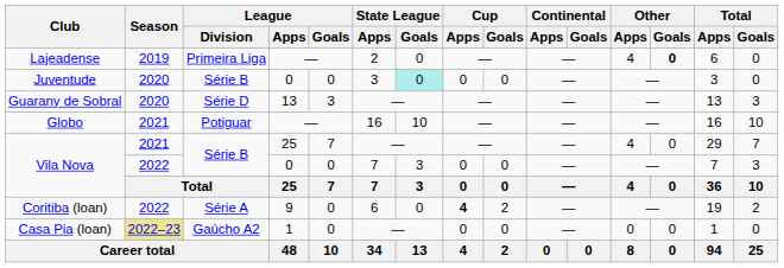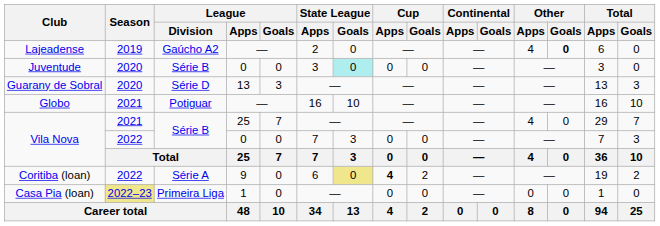 <table class="wikitable" style="text-align: center;">
 <tr>
 <th rowspan="2">Club</th>
 <th rowspan="2">Season</th>
 <th colspan="3">League</th>
 <th colspan="2">State League</th>
 <th colspan="2">Cup</th>
 <th colspan="2">Continental</th>
 <th colspan="2">Other</th>
 <th colspan="2">Total</th>
 </tr>
 <tr>
 <th>Division</th>
 <th>Apps</th>
 <th>Goals</th>
 <th>Apps</th>
 <th>Goals</th>
 <th>Apps</th>
 <th>Goals</th>
 <th>Apps</th>
 <th>Goals</th>
 <th>Apps</th>
 <th>Goals</th>
 <th>Apps</th>
 <th>Goals</th>
 </tr>
 <tr>
 <td><a href='#'>Lajeadense</a></td>
 <td><a href='#'>2019</a></td>
-<td><a href='#'>Primeira Liga</a></td>
+<td><a href='#'>Gaúcho A2</a></td>
 <td colspan="2">—</td>
 <td>2</td>
 <td>0</td>
 <td colspan="2">—</td>
 <td colspan="2">—</td>
 <td>4</td>
 <td><strong>0</strong></td>
 <td>6</td>
 <td>0</td>
 </tr>
 <tr>
 <td><a href='#'>Juventude</a></td>
 <td><a href='#'>2020</a></td>
 <td><a href='#'>Série B</a></td>
 <td>0</td>
 <td>0</td>
 <td>3</td>
 <td style="background: paleturquoise;">0</td>
 <td>0</td>
 <td>0</td>
 <td colspan="2">—</td>
 <td colspan="2">—</td>
 <td>3</td>
 <td>0</td>
 </tr>
 <tr>
 <td><a href='#'>Guarany de Sobral</a></td>
 <td><a href='#'>2020</a></td>
 <td><a href='#'>Série D</a></td>
 <td>13</td>
 <td>3</td>
 <td colspan="2">—</td>
 <td colspan="2">—</td>
 <td colspan="2">—</td>
 <td colspan="2">—</td>
 <td>13</td>
 <td>3</td>
 </tr>
 <tr>
 <td><a href='#'>Globo</a></td>
 <td><a href='#'>2021</a></td>
 <td><a href='#'>Potiguar</a></td>
 <td colspan="2">—</td>
 <td>16</td>
 <td>10</td>
 <td colspan="2">—</td>
 <td colspan="2">—</td>
 <td colspan="2">—</td>
 <td>16</td>
 <td>10</td>
 </tr>
 <tr>
 <td rowspan="3"><a href='#'>Vila Nova</a></td>
 <td><a href='#'>2021</a></td>
 <td rowspan="2"><a href='#'>Série B</a></td>
 <td>25</td>
 <td>7</td>
 <td colspan="2">—</td>
 <td colspan="2">—</td>
 <td colspan="2">—</td>
 <td>4</td>
 <td>0</td>
 <td>29</td>
 <td>7</td>
 </tr>
 <tr>
 <td><a href='#'>2022</a></td>
 <td>0</td>
 <td>0</td>
 <td>7</td>
 <td>3</td>
 <td>0</td>
 <td>0</td>
 <td colspan="2">—</td>
 <td colspan="2">—</td>
 <td>7</td>
 <td>3</td>
 </tr>
 <tr>
 <th colspan="2">Total</th>
 <th>25</th>
 <th>7</th>
 <th>7</th>
 <th>3</th>
 <th>0</th>
 <th>0</th>
 <th colspan="2">—</th>
 <th>4</th>
 <th>0</th>
 <th>36</th>
 <th>10</th>
 </tr>
 <tr>
 <td><a href='#'>Coritiba</a> (loan)</td>
 <td><a href='#'>2022</a></td>
 <td><a href='#'>Série A</a></td>
 <td>9</td>
 <td>0</td>
 <td>6</td>
-<td>0</td>
+<td style="background: khaki;">0</td>
 <td><strong>4</strong></td>
 <td>2</td>
 <td colspan="2">—</td>
 <td colspan="2">—</td>
 <td>19</td>
 <td>2</td>
 </tr>
 <tr>
 <td><a href='#'>Casa Pia</a> (loan)</td>
 <td style="background: khaki;"><a href='#'>2022–23</a></td>
-<td><a href='#'>Gaúcho A2</a></td>
+<td><a href='#'>Primeira Liga</a></td>
 <td>1</td>
 <td>0</td>
 <td colspan="2">—</td>
 <td>0</td>
 <td>0</td>
 <td colspan="2">—</td>
 <td>0</td>
 <td>0</td>
 <td>1</td>
 <td>0</td>
 </tr>
 <tr>
 <th colspan="3">Career total</th>
 <th>48</th>
 <th>10</th>
 <th>34</th>
 <th>13</th>
 <th>4</th>
 <th>2</th>
 <th>0</th>
 <th>0</th>
 <th>8</th>
 <th>0</th>
 <th>94</th>
 <th>25</th>
 </tr>
 </table>
